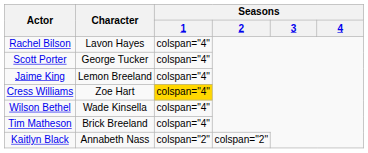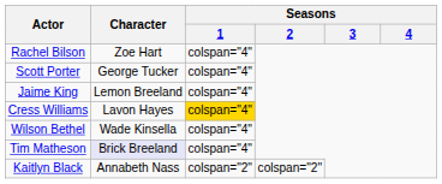 <table class="wikitable">
 <tr>
 <th rowspan="2">Actor</th>
 <th rowspan="2">Character</th>
 <th colspan="4">Seasons</th>
 </tr>
 <tr>
 <th style="width:50pt;"><a href='#'>1</a></th>
 <th style="width:50pt;"><a href='#'>2</a></th>
 <th style="width:50pt;"><a href='#'>3</a></th>
 <th style="width:50pt;"><a href='#'>4</a></th>
 </tr>
 <tr>
 <td align="center"><a href='#'>Rachel Bilson</a></td>
-<td align="center">Lavon Hayes</td>
+<td align="center">Zoe Hart</td>
 <td>colspan="4" </td>
 </tr>
 <tr>
 <td align="center"><a href='#'>Scott Porter</a></td>
 <td align="center">George Tucker</td>
 <td>colspan="4" </td>
 </tr>
 <tr>
 <td align="center"><a href='#'>Jaime King</a></td>
 <td align="center">Lemon Breeland</td>
 <td>colspan="4" </td>
 </tr>
 <tr>
 <td align="center"><a href='#'>Cress Williams</a></td>
-<td align="center">Zoe Hart</td>
+<td align="center">Lavon Hayes</td>
 <td style="background: gold;">colspan="4" </td>
 </tr>
 <tr>
 <td align="center"><a href='#'>Wilson Bethel</a></td>
 <td align="center">Wade Kinsella</td>
 <td>colspan="4" </td>
 </tr>
 <tr>
 <td align="center"><a href='#'>Tim Matheson</a></td>
-<td align="center">Brick Breeland</td>
+<td align="center" style="background: lavender;">Brick Breeland</td>
 <td>colspan="4" </td>
 </tr>
 <tr>
 <td align="center"><a href='#'>Kaitlyn Black</a></td>
 <td align="center">Annabeth Nass</td>
 <td>colspan="2" </td>
 <td>colspan="2" </td>
 </tr>
 </table>
